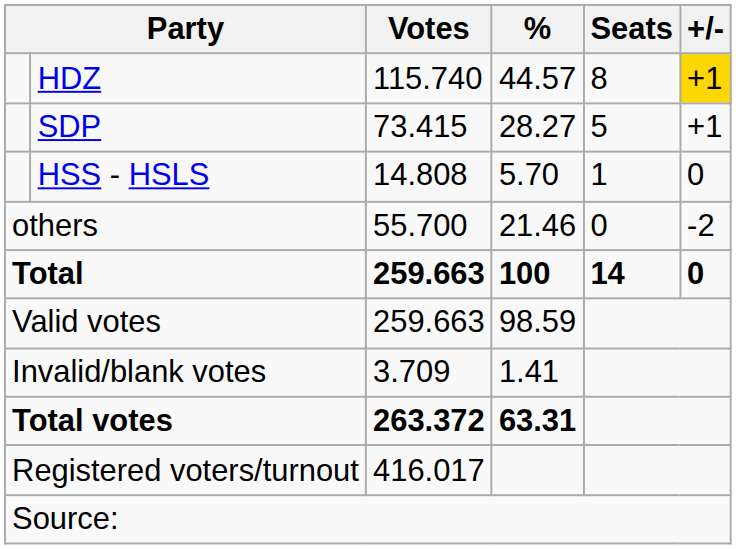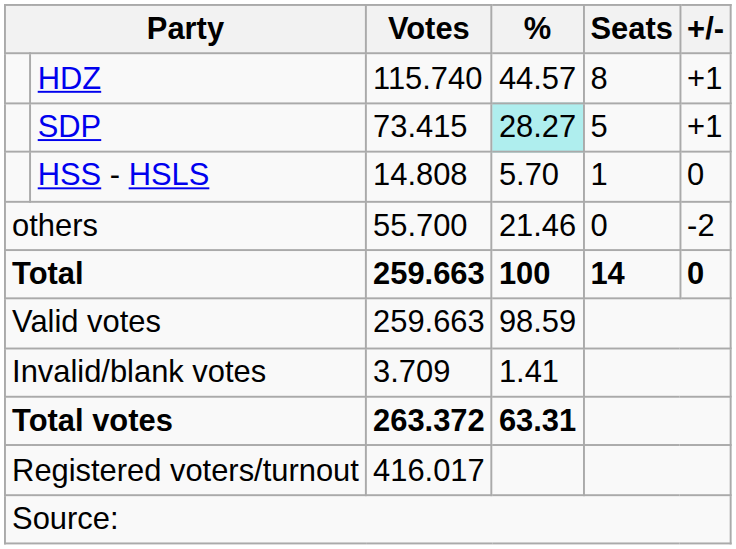 <table class="wikitable" style="text-align: left;">
 <tr>
 <th colspan="2">Party</th>
 <th>Votes</th>
 <th>%</th>
 <th>Seats</th>
 <th>+/-</th>
 </tr>
 <tr>
 <td style="background-color: "></td>
 <td><a href='#'>HDZ</a></td>
 <td>115.740</td>
 <td>44.57</td>
 <td>8</td>
-<td style="background: gold;">+1</td>
+<td>+1</td>
 </tr>
 <tr>
 <td style="background-color: "></td>
 <td><a href='#'>SDP</a></td>
 <td>73.415</td>
-<td>28.27</td>
+<td style="background: paleturquoise;">28.27</td>
 <td>5</td>
 <td>+1</td>
 </tr>
 <tr>
 <td style="background-color: "></td>
 <td><a href='#'>HSS</a> - <a href='#'>HSLS</a></td>
 <td>14.808</td>
 <td>5.70</td>
 <td>1</td>
 <td>0</td>
 </tr>
 <tr>
 <td colspan="2">others</td>
 <td>55.700</td>
 <td>21.46</td>
 <td>0</td>
 <td>-2</td>
 </tr>
 <tr>
 <td colspan="2"><strong>Total</strong></td>
 <td><strong>259.663</strong></td>
 <td><strong>100</strong></td>
 <td><strong>14</strong></td>
 <td><strong>0</strong></td>
 </tr>
 <tr>
 <td colspan="2">Valid votes</td>
 <td>259.663</td>
 <td>98.59</td>
 <td colspan="2"></td>
 </tr>
 <tr>
 <td colspan="2">Invalid/blank votes</td>
 <td>3.709</td>
 <td>1.41</td>
 <td colspan="2"></td>
 </tr>
 <tr>
 <td colspan="2"><strong>Total votes</strong></td>
 <td><strong>263.372</strong></td>
 <td><strong>63.31</strong></td>
 <td colspan="2"></td>
 </tr>
 <tr>
 <td colspan="2">Registered voters/turnout</td>
 <td votes14="5343">416.017</td>
 <td></td>
 <td colspan="2"></td>
 </tr>
 <tr>
 <td colspan="6">Source: </td>
 </tr>
 </table>
